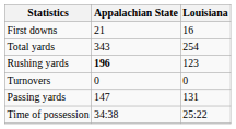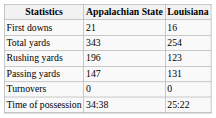 <table class="wikitable">
 <tr>
 <th>Statistics</th>
 <th>Appalachian State</th>
 <th>Louisiana</th>
 </tr>
 <tr>
 <td>First downs</td>
 <td>21</td>
 <td>16</td>
 </tr>
 <tr>
 <td>Total yards</td>
 <td>343</td>
 <td>254</td>
 </tr>
 <tr>
 <td>Rushing yards</td>
-<td><strong>196</strong></td>
+<td>196</td>
 <td>123</td>
+</tr>
+<tr>
+<td>Passing yards</td>
+<td>147</td>
+<td>131</td>
 </tr>
 <tr>
 <td>Turnovers</td>
 <td>0</td>
 <td>0</td>
-</tr>
-<tr>
-<td>Passing yards</td>
-<td>147</td>
-<td>131</td>
 </tr>
 <tr>
 <td>Time of possession</td>
 <td>34:38</td>
 <td>25:22</td>
 </tr>
 <tr>
 </tr>
 </table>
